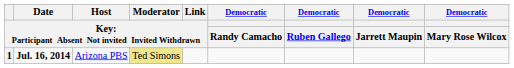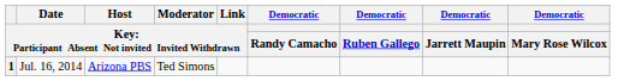 <table class="wikitable" style="text-align:center;">
 <tr>
 <th scope="col"></th>
 <th scope="col">Date</th>
 <th scope="col">Host</th>
 <th scope="col">Moderator</th>
 <th scope="col">Link</th>
 <th scope="col"><small><a href='#'>Democratic</a></small></th>
 <th scope="col"><small><a href='#'>Democratic</a></small></th>
 <th scope="col"><small><a href='#'>Democratic</a></small></th>
 <th scope="col"><small><a href='#'>Democratic</a></small></th>
 </tr>
 <tr>
 <th colspan="5" rowspan="2">Key:<br> <small>Participant </small>  <small>Absent </small>  <small>Not invited </small>  <small>Invited  Withdrawn</small></th>
 <th scope="col" style="background:"></th>
 <th scope="col" style="background:"></th>
 <th scope="col" style="background:"></th>
 <th scope="col" style="background:"></th>
 </tr>
 <tr>
 <th scope="col">Randy Camacho</th>
 <th scope="col"><a href='#'>Ruben Gallego</a></th>
 <th scope="col">Jarrett Maupin</th>
 <th scope="col">Mary Rose Wilcox</th>
 </tr>
 <tr>
 <th>1</th>
-<td style="white-space:nowrap;"><strong>Jul. 16, 2014</strong></td>
+<td style="white-space:nowrap;">Jul. 16, 2014</td>
 <td style="white-space:nowrap;"><a href='#'>Arizona PBS</a></td>
-<td style="background: khaki; white-space:nowrap;">Ted Simons</td>
+<td style="white-space:nowrap;">Ted Simons</td>
 <td style="white-space:nowrap;"></td>
 <td></td>
 <td></td>
 <td></td>
 <td></td>
 </tr>
 </table>
